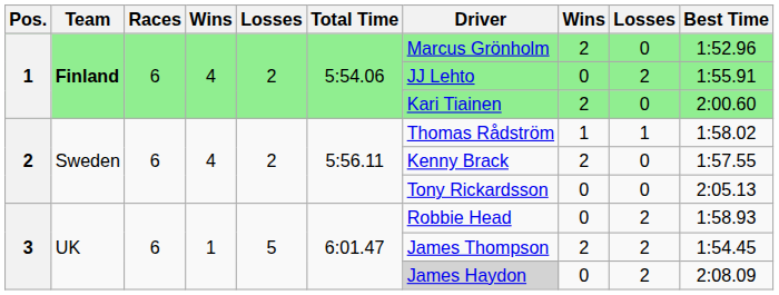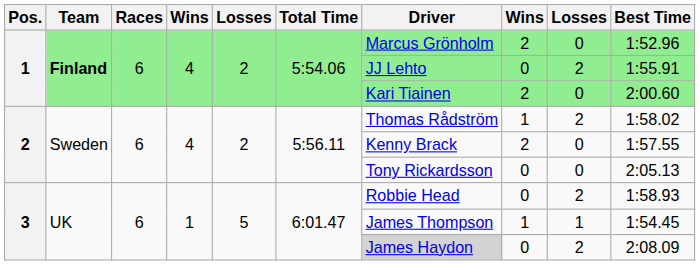 <table class="wikitable" style="font-size: 95%;">
 <tr>
 <th>Pos.</th>
 <th>Team</th>
 <th>Races</th>
 <th>Wins</th>
 <th>Losses</th>
 <th>Total Time</th>
 <th>Driver</th>
 <th>Wins</th>
 <th>Losses</th>
 <th>Best Time</th>
 </tr>
 <tr style="background:lightgreen;">
 <th rowspan=3>1</th>
 <td rowspan=3> <strong>Finland</strong></td>
 <td rowspan=3 align=center>6</td>
 <td rowspan=3 align=center>4</td>
 <td rowspan=3 align=center>2</td>
 <td rowspan=3 align=center>5:54.06</td>
 <td> <a href='#'>Marcus Grönholm</a></td>
 <td align=center>2</td>
 <td align=center>0</td>
 <td align=center>1:52.96</td>
 </tr>
 <tr style="background:lightgreen;">
 <td> <a href='#'>JJ Lehto</a></td>
 <td align=center>0</td>
 <td align=center>2</td>
 <td align=center>1:55.91</td>
 </tr>
 <tr style="background:lightgreen;">
 <td> <a href='#'>Kari Tiainen</a></td>
 <td align=center>2</td>
 <td align=center>0</td>
 <td align=center>2:00.60</td>
 </tr>
 <tr>
 <th rowspan=3>2</th>
 <td rowspan=3>  Sweden</td>
 <td rowspan=3 align=center>6</td>
 <td rowspan=3 align=center>4</td>
 <td rowspan=3 align=center>2</td>
 <td rowspan=3 align=center>5:56.11</td>
 <td> <a href='#'>Thomas Rådström</a></td>
 <td align=center>1</td>
-<td align=center>1</td>
+<td align=center>2</td>
 <td align=center>1:58.02</td>
 </tr>
 <tr>
 <td> <a href='#'>Kenny Brack</a></td>
 <td align=center>2</td>
 <td align=center>0</td>
 <td align=center>1:57.55</td>
 </tr>
 <tr>
 <td> <a href='#'>Tony Rickardsson</a></td>
 <td align=center>0</td>
 <td align=center>0</td>
 <td align=center>2:05.13</td>
 </tr>
 <tr>
 <th rowspan=3>3</th>
 <td rowspan=3> UK</td>
 <td rowspan=3 align=center>6</td>
 <td rowspan=3 align=center>1</td>
 <td rowspan=3 align=center>5</td>
 <td rowspan=3 align=center>6:01.47</td>
 <td> <a href='#'>Robbie Head</a></td>
 <td align=center>0</td>
 <td align=center>2</td>
 <td align=center>1:58.93</td>
 </tr>
 <tr>
 <td> <a href='#'>James Thompson</a></td>
-<td align=center>2</td>
-<td align=center>2</td>
+<td align=center>1</td>
+<td align=center>1</td>
 <td align=center>1:54.45</td>
 </tr>
 <tr>
 <td style="background: lightgrey;"> <a href='#'>James Haydon</a></td>
 <td align=center>0</td>
 <td align=center>2</td>
 <td align=center>2:08.09</td>
 </tr>
 </table>
